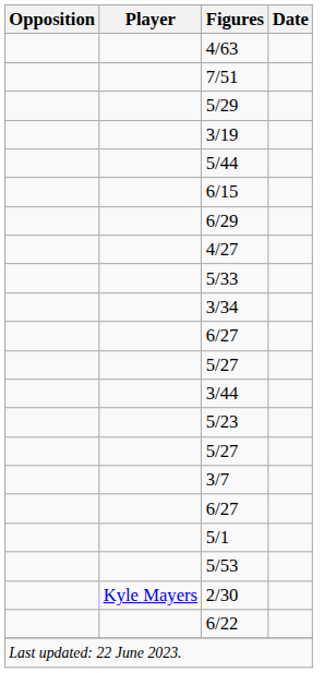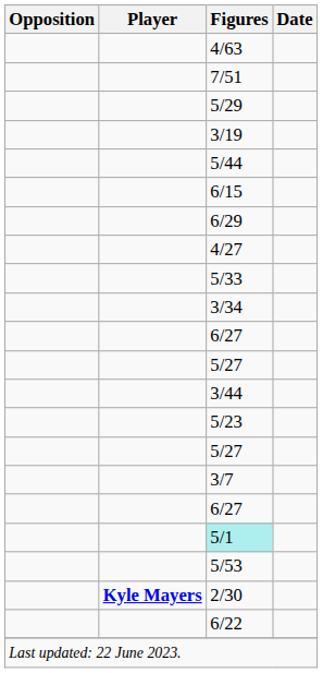 <table class="wikitable sortable">
 <tr>
 <th>Opposition</th>
 <th>Player</th>
 <th>Figures</th>
 <th>Date</th>
 </tr>
 <tr>
 <td></td>
 <td></td>
 <td>4/63</td>
 <td> </td>
 </tr>
 <tr>
 <td></td>
 <td></td>
 <td>7/51</td>
 <td> </td>
 </tr>
 <tr>
 <td></td>
 <td></td>
 <td>5/29</td>
 <td></td>
 </tr>
 <tr>
 <td></td>
 <td></td>
 <td>3/19</td>
 <td></td>
 </tr>
 <tr>
 <td></td>
 <td></td>
 <td>5/44</td>
 <td> </td>
 </tr>
 <tr>
 <td></td>
 <td></td>
 <td>6/15</td>
 <td></td>
 </tr>
 <tr>
 <td></td>
 <td></td>
 <td>6/29</td>
 <td></td>
 </tr>
 <tr>
 <td></td>
 <td></td>
 <td>4/27</td>
 <td></td>
 </tr>
 <tr>
 <td></td>
 <td></td>
 <td>5/33</td>
 <td> </td>
 </tr>
 <tr>
 <td></td>
 <td></td>
 <td>3/34</td>
 <td> </td>
 </tr>
 <tr>
 <td></td>
 <td></td>
 <td>6/27</td>
 <td> </td>
 </tr>
 <tr>
 <td></td>
 <td></td>
 <td>5/27</td>
 <td></td>
 </tr>
 <tr>
 <td></td>
 <td></td>
 <td>3/44</td>
 <td></td>
 </tr>
 <tr>
 <td></td>
 <td></td>
 <td>5/23</td>
 <td></td>
 </tr>
 <tr>
 <td></td>
 <td></td>
 <td>5/27</td>
 <td></td>
 </tr>
 <tr>
 <td></td>
 <td></td>
 <td>3/7</td>
 <td> </td>
 </tr>
 <tr>
 <td></td>
 <td></td>
 <td>6/27</td>
 <td></td>
 </tr>
 <tr>
 <td></td>
 <td></td>
-<td>5/1</td>
+<td style="background: paleturquoise;">5/1</td>
 <td></td>
 </tr>
 <tr>
 <td></td>
 <td></td>
 <td>5/53</td>
 <td></td>
 </tr>
 <tr>
 <td></td>
-<td><a href='#'>Kyle Mayers</a></td>
+<td><strong><a href='#'>Kyle Mayers</a></strong></td>
 <td>2/30</td>
 <td> </td>
 </tr>
 <tr>
 <td></td>
 <td></td>
 <td>6/22</td>
 <td></td>
 </tr>
 <tr>
 </tr>
 <tr class=sortbottom>
 <td colspan=5><small><em>Last updated: 22 June 2023.</em></small></td>
 </tr>
 </table>
